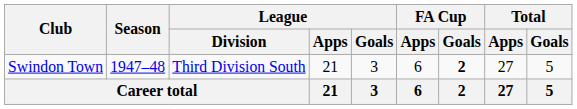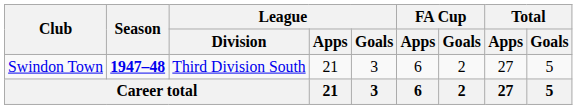 <table class="wikitable" style="text-align:center">
 <tr>
 <th rowspan="2">Club</th>
 <th rowspan="2">Season</th>
 <th colspan="3">League</th>
 <th colspan="2">FA Cup</th>
 <th colspan="2">Total</th>
 </tr>
 <tr>
 <th>Division</th>
 <th>Apps</th>
 <th>Goals</th>
 <th>Apps</th>
 <th>Goals</th>
 <th>Apps</th>
 <th>Goals</th>
 </tr>
 <tr>
 <td><a href='#'>Swindon Town</a></td>
-<td><a href='#'>1947–48</a></td>
+<td><strong><a href='#'>1947–48</a></strong></td>
 <td><a href='#'>Third Division South</a></td>
 <td>21</td>
 <td>3</td>
 <td>6</td>
-<td><strong>2</strong></td>
+<td>2</td>
 <td>27</td>
 <td>5</td>
 </tr>
 <tr>
 <th colspan="3">Career total</th>
 <th>21</th>
 <th>3</th>
 <th>6</th>
 <th>2</th>
 <th>27</th>
 <th>5</th>
 </tr>
 </table>
